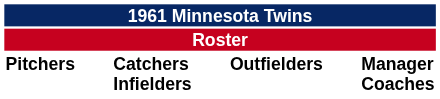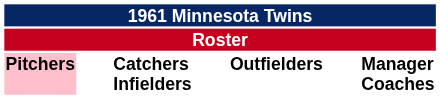 <table class="toccolours" style="font-size: 95%;">
 <tr>
 <th colspan="10" style="background-color: #072764; color: white; text-align: center;">1961 Minnesota Twins</th>
 </tr>
 <tr>
 <td colspan="10" style="background-color: #c6011f; color: white; text-align: center;"><strong>Roster</strong></td>
 </tr>
 <tr>
-<td valign="top"><strong>Pitchers</strong><br>                 </td>
+<td valign="top" style="background: pink;"><strong>Pitchers</strong><br>                 </td>
 <td width="25px"></td>
 <td valign="top"><strong>Catchers</strong><br>   <strong>Infielders</strong>             </td>
 <td width="25px"></td>
 <td valign="top"><strong>Outfielders</strong><br>       </td>
 <td width="25px"></td>
 <td valign="top"><strong>Manager</strong><br>  <strong>Coaches</strong>    </td>
 </tr>
 <tr>
 </tr>
 </table>
